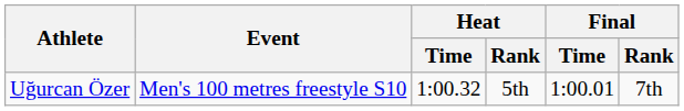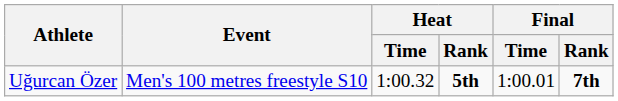 <table class=wikitable>
 <tr>
 <th rowspan="2">Athlete</th>
 <th rowspan="2">Event</th>
 <th colspan="2">Heat</th>
 <th colspan="2">Final</th>
 </tr>
 <tr>
 <th>Time</th>
 <th>Rank</th>
 <th>Time</th>
 <th>Rank</th>
 </tr>
 <tr align=center>
 <td align=left><a href='#'>Uğurcan Özer</a></td>
 <td align=left><a href='#'>Men's 100 metres freestyle S10</a></td>
 <td>1:00.32</td>
-<td>5th</td>
+<td><strong>5th</strong></td>
 <td>1:00.01</td>
-<td>7th</td>
+<td><strong>7th</strong></td>
 </tr>
 </table>
